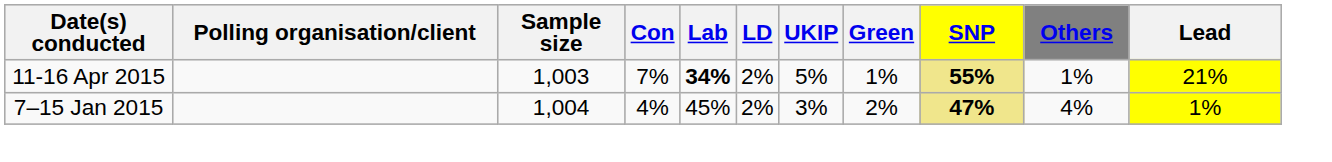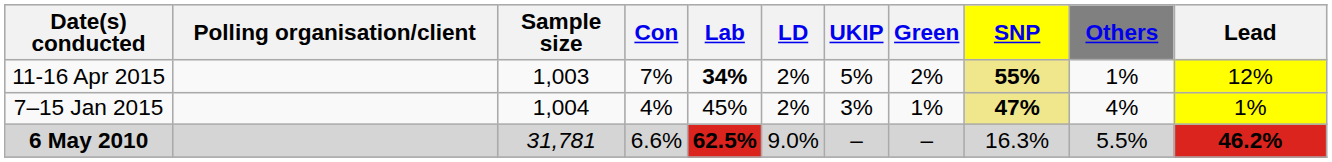 <table class="wikitable sortable" style="text-align:center;font-size:90%;line-height:14px">
 <tr>
 <th ! style="width:100px;">Date(s)<br>conducted</th>
 <th style="width:200px;">Polling organisation/client</th>
 <th class="unsortable" style="width:75px;">Sample size</th>
 <th class="unsortable" style="background:"><a href='#'><span>Con</span></a></th>
 <th class="unsortable" style="background:"><a href='#'><span>Lab</span></a></th>
 <th class="unsortable" style="background:"><a href='#'><span>LD</span></a></th>
 <th class="unsortable" style="background:"><a href='#'><span>UKIP</span></a></th>
 <th class="unsortable" style="background:"><a href='#'><span>Green</span></a></th>
 <th class="unsortable" style="background:#ffff00; width:60px;"><a href='#'><span>SNP</span></a></th>
 <th class="unsortable" style="background:gray; width:60px;"><a href='#'><span>Others</span></a></th>
 <th class="unsortable" style="width:90px;">Lead</th>
 </tr>
 <tr>
 <td>11-16 Apr 2015</td>
 <td> </td>
 <td>1,003</td>
 <td>7%</td>
 <td><strong>34%</strong></td>
 <td>2%</td>
 <td>5%</td>
-<td>1%</td>
+<td>2%</td>
 <td style="background:khaki"><strong>55%</strong></td>
 <td>1%</td>
-<td style="background:#ff0"><span>21% </span></td>
+<td style="background:#ff0"><span>12% </span></td>
 </tr>
 <tr>
 <td>7–15 Jan 2015</td>
 <td> </td>
 <td>1,004</td>
 <td>4%</td>
 <td>45%</td>
 <td>2%</td>
 <td>3%</td>
-<td>2%</td>
+<td>1%</td>
 <td style="background:khaki"><strong>47%</strong></td>
 <td>4%</td>
 <td style="background:#ff0"><span>1% </span></td>
 </tr>
+<tr>
+<td style="background:#D5D5D5"><strong>6 May 2010</strong></td>
+<td style="background:#D5D5D5"></td>
+<td style="background:#D5D5D5"><em>31,781</em></td>
+<td style="background:#D5D5D5">6.6%</td>
+<td style="background:#dc241f"><span><strong>62.5%</strong></span></td>
+<td style="background:#D5D5D5">9.0%</td>
+<td style="background:#D5D5D5">–</td>
+<td style="background:#D5D5D5">–</td>
+<td style="background:#D5D5D5">16.3%</td>
+<td style="background:#D5D5D5">5.5%</td>
+<td style="background:#dc241f"><span><strong>46.2% </strong></span></td>
+</tr>
 </table>
